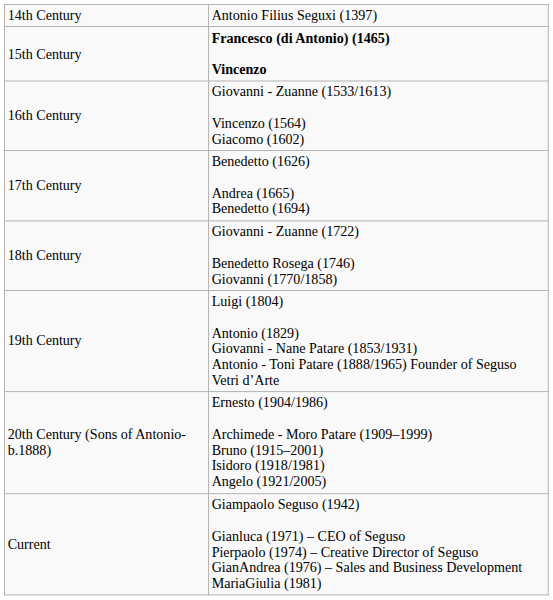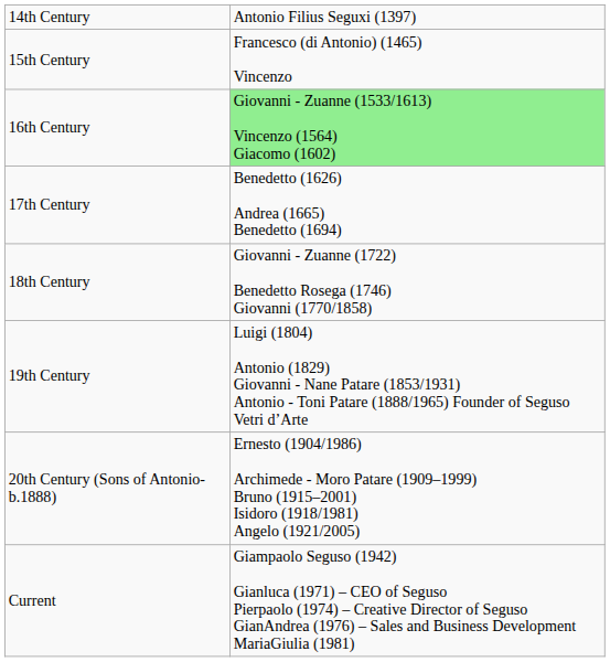 <table class="wikitable" style="width: 70%;">
 <tr>
 <td>14th Century</td>
 <td>Antonio Filius Seguxi (1397)</td>
 </tr>
 <tr>
 <td>15th Century</td>
-<td><strong>Francesco (di Antonio) (1465)<br><br>		           Vincenzo</strong></td>
+<td>Francesco (di Antonio) (1465)<br><br>		           Vincenzo</td>
 </tr>
 <tr>
 <td>16th Century</td>
-<td>Giovanni - Zuanne (1533/1613)<br><br>		           Vincenzo (1564)<br> 		           Giacomo (1602)</td>
+<td style="background: lightgreen;">Giovanni - Zuanne (1533/1613)<br><br>		           Vincenzo (1564)<br> 		           Giacomo (1602)</td>
 </tr>
 <tr>
 <td>17th Century</td>
 <td>Benedetto (1626)<br><br>		           Andrea (1665)<br> 		           Benedetto (1694)</td>
 </tr>
 <tr>
 <td>18th Century</td>
 <td>Giovanni - Zuanne (1722)<br><br>		           Benedetto Rosega (1746)<br> 		           Giovanni (1770/1858)</td>
 </tr>
 <tr>
 <td>19th Century</td>
 <td>Luigi (1804)<br><br>		           Antonio (1829)<br> 		           Giovanni - Nane Patare (1853/1931)<br> 		           Antonio - Toni Patare (1888/1965) Founder of Seguso Vetri d’Arte</td>
 </tr>
 <tr>
 <td>20th Century (Sons of Antonio-b.1888)</td>
 <td>Ernesto (1904/1986)<br><br>Archimede - Moro Patare (1909–1999)<br> Bruno (1915–2001) <br> Isidoro (1918/1981)<br> Angelo (1921/2005)</td>
 </tr>
 <tr>
 <td>Current</td>
 <td>Giampaolo  Seguso (1942)<br><br>Gianluca (1971) – CEO of Seguso<br> Pierpaolo (1974) – Creative Director of Seguso<br> GianAndrea (1976) – Sales and Business Development<br> MariaGiulia (1981)</td>
 </tr>
 </table>
